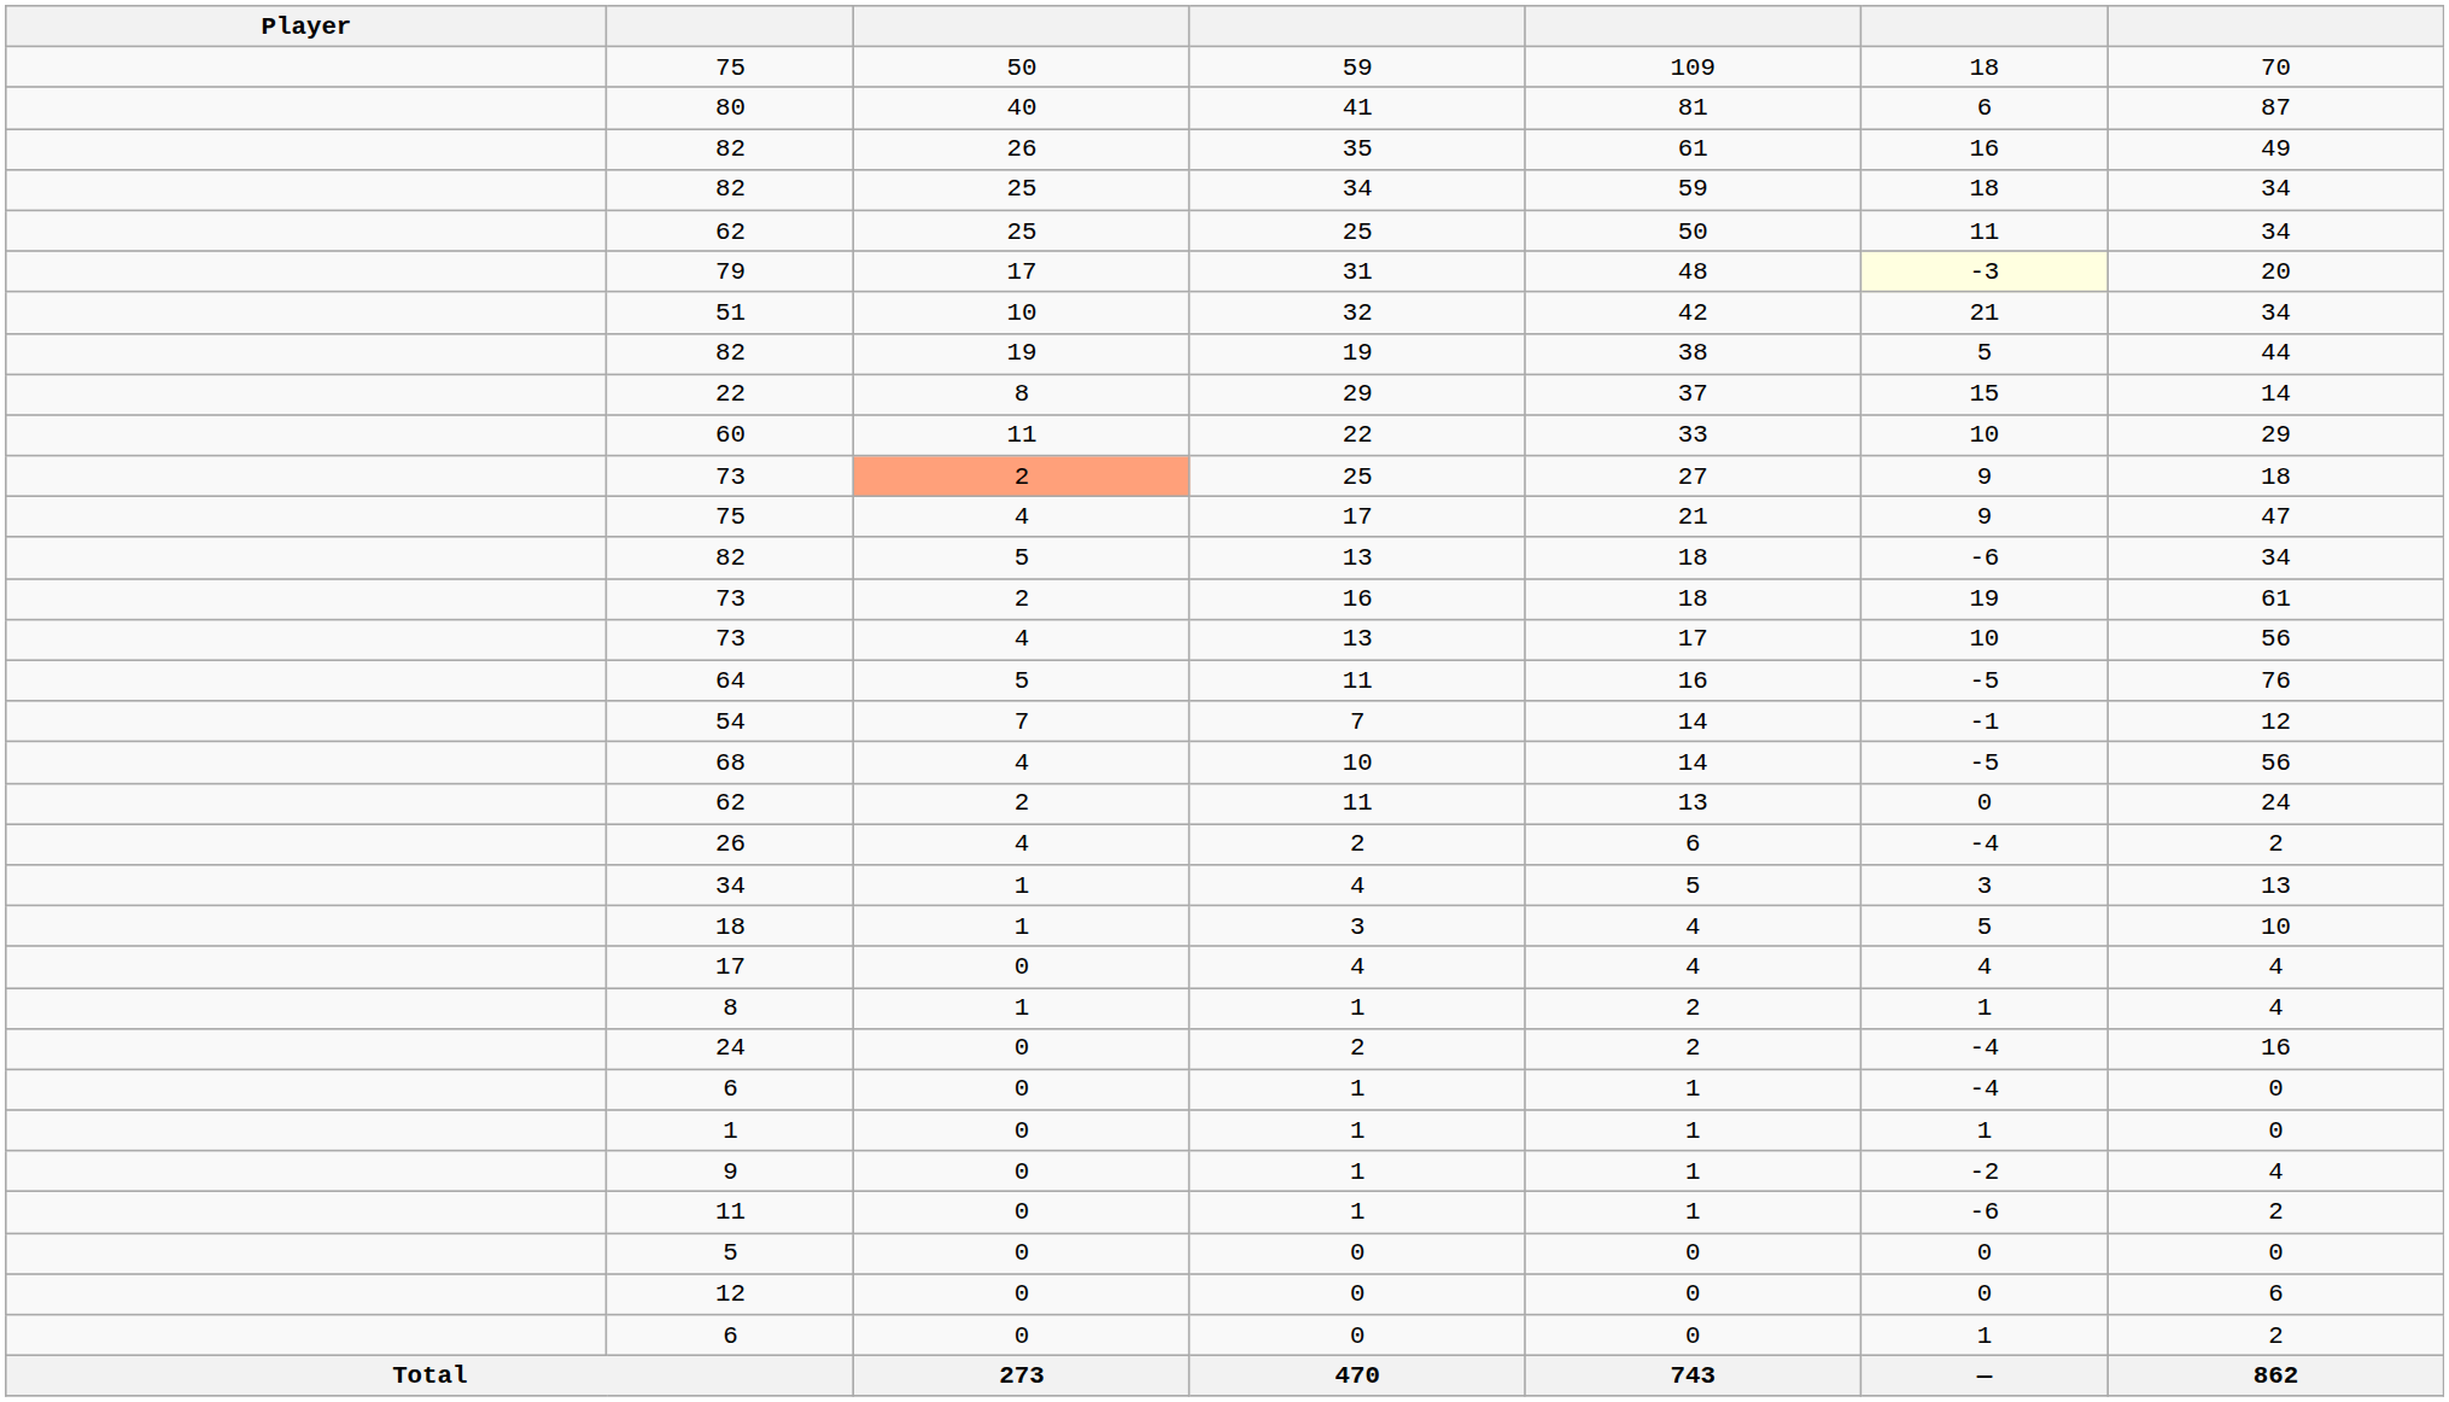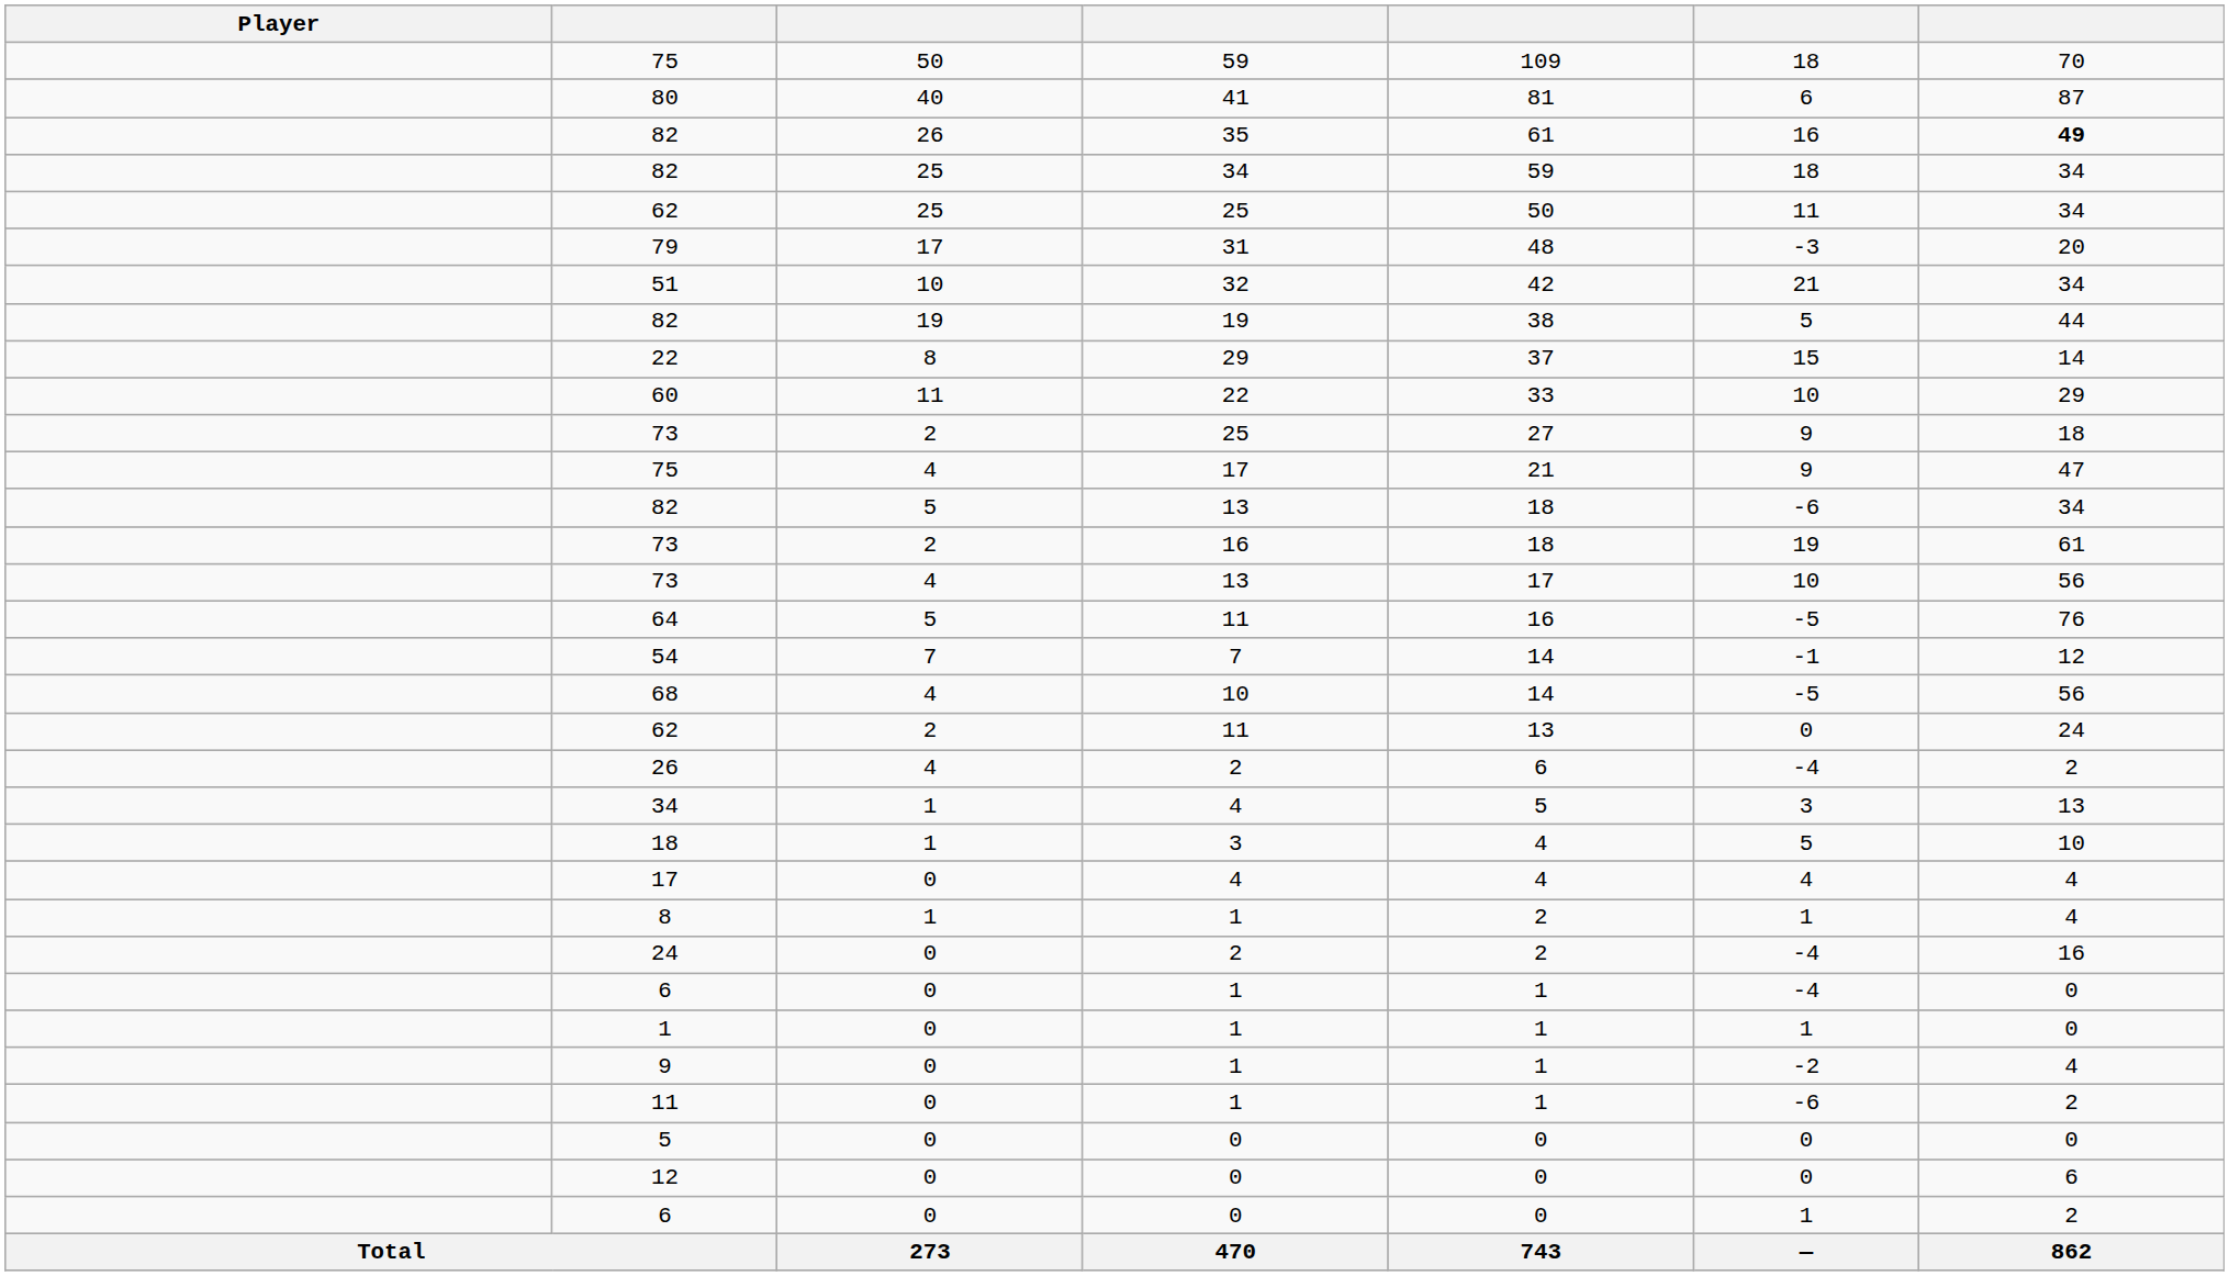 <table class="wikitable sortable" style="width:100%; text-align:center;">
 <tr align=center>
 <th>Player</th>
 <th></th>
 <th></th>
 <th></th>
 <th></th>
 <th data-sort-type="number"></th>
 <th></th>
 </tr>
 <tr>
 <td></td>
 <td>75</td>
 <td>50</td>
 <td>59</td>
 <td>109</td>
 <td>18</td>
 <td>70</td>
 </tr>
 <tr>
 <td></td>
 <td>80</td>
 <td>40</td>
 <td>41</td>
 <td>81</td>
 <td>6</td>
 <td>87</td>
 </tr>
 <tr>
 <td></td>
 <td>82</td>
 <td>26</td>
 <td>35</td>
 <td>61</td>
 <td>16</td>
-<td>49</td>
+<td><strong>49</strong></td>
 </tr>
 <tr>
 <td></td>
 <td>82</td>
 <td>25</td>
 <td>34</td>
 <td>59</td>
 <td>18</td>
 <td>34</td>
 </tr>
 <tr>
 <td></td>
 <td>62</td>
 <td>25</td>
 <td>25</td>
 <td>50</td>
 <td>11</td>
 <td>34</td>
 </tr>
 <tr>
 <td></td>
 <td>79</td>
 <td>17</td>
 <td>31</td>
 <td>48</td>
-<td style="background: lightyellow;">-3</td>
+<td>-3</td>
 <td>20</td>
 </tr>
 <tr>
 <td></td>
 <td>51</td>
 <td>10</td>
 <td>32</td>
 <td>42</td>
 <td>21</td>
 <td>34</td>
 </tr>
 <tr>
 <td></td>
 <td>82</td>
 <td>19</td>
 <td>19</td>
 <td>38</td>
 <td>5</td>
 <td>44</td>
 </tr>
 <tr>
 <td></td>
 <td>22</td>
 <td>8</td>
 <td>29</td>
 <td>37</td>
 <td>15</td>
 <td>14</td>
 </tr>
 <tr>
 <td></td>
 <td>60</td>
 <td>11</td>
 <td>22</td>
 <td>33</td>
 <td>10</td>
 <td>29</td>
 </tr>
 <tr>
 <td></td>
 <td>73</td>
-<td style="background: lightsalmon;">2</td>
+<td>2</td>
 <td>25</td>
 <td>27</td>
 <td>9</td>
 <td>18</td>
 </tr>
 <tr>
 <td></td>
 <td>75</td>
 <td>4</td>
 <td>17</td>
 <td>21</td>
 <td>9</td>
 <td>47</td>
 </tr>
 <tr>
 <td></td>
 <td>82</td>
 <td>5</td>
 <td>13</td>
 <td>18</td>
 <td>-6</td>
 <td>34</td>
 </tr>
 <tr>
 <td></td>
 <td>73</td>
 <td>2</td>
 <td>16</td>
 <td>18</td>
 <td>19</td>
 <td>61</td>
 </tr>
 <tr>
 <td></td>
 <td>73</td>
 <td>4</td>
 <td>13</td>
 <td>17</td>
 <td>10</td>
 <td>56</td>
 </tr>
 <tr>
 <td></td>
 <td>64</td>
 <td>5</td>
 <td>11</td>
 <td>16</td>
 <td>-5</td>
 <td>76</td>
 </tr>
 <tr>
 <td></td>
 <td>54</td>
 <td>7</td>
 <td>7</td>
 <td>14</td>
 <td>-1</td>
 <td>12</td>
 </tr>
 <tr>
 <td></td>
 <td>68</td>
 <td>4</td>
 <td>10</td>
 <td>14</td>
 <td>-5</td>
 <td>56</td>
 </tr>
 <tr>
 <td></td>
 <td>62</td>
 <td>2</td>
 <td>11</td>
 <td>13</td>
 <td>0</td>
 <td>24</td>
 </tr>
 <tr>
 <td></td>
 <td>26</td>
 <td>4</td>
 <td>2</td>
 <td>6</td>
 <td>-4</td>
 <td>2</td>
 </tr>
 <tr>
 <td></td>
 <td>34</td>
 <td>1</td>
 <td>4</td>
 <td>5</td>
 <td>3</td>
 <td>13</td>
 </tr>
 <tr>
 <td></td>
 <td>18</td>
 <td>1</td>
 <td>3</td>
 <td>4</td>
 <td>5</td>
 <td>10</td>
 </tr>
 <tr>
 <td></td>
 <td>17</td>
 <td>0</td>
 <td>4</td>
 <td>4</td>
 <td>4</td>
 <td>4</td>
 </tr>
 <tr>
 <td></td>
 <td>8</td>
 <td>1</td>
 <td>1</td>
 <td>2</td>
 <td>1</td>
 <td>4</td>
 </tr>
 <tr>
 <td></td>
 <td>24</td>
 <td>0</td>
 <td>2</td>
 <td>2</td>
 <td>-4</td>
 <td>16</td>
 </tr>
 <tr>
 <td></td>
 <td>6</td>
 <td>0</td>
 <td>1</td>
 <td>1</td>
 <td>-4</td>
 <td>0</td>
 </tr>
 <tr>
 <td></td>
 <td>1</td>
 <td>0</td>
 <td>1</td>
 <td>1</td>
 <td>1</td>
 <td>0</td>
 </tr>
 <tr>
 <td></td>
 <td>9</td>
 <td>0</td>
 <td>1</td>
 <td>1</td>
 <td>-2</td>
 <td>4</td>
 </tr>
 <tr>
 <td></td>
 <td>11</td>
 <td>0</td>
 <td>1</td>
 <td>1</td>
 <td>-6</td>
 <td>2</td>
 </tr>
 <tr>
 <td></td>
 <td>5</td>
 <td>0</td>
 <td>0</td>
 <td>0</td>
 <td>0</td>
 <td>0</td>
 </tr>
 <tr>
 <td></td>
 <td>12</td>
 <td>0</td>
 <td>0</td>
 <td>0</td>
 <td>0</td>
 <td>6</td>
 </tr>
 <tr>
 <td></td>
 <td>6</td>
 <td>0</td>
 <td>0</td>
 <td>0</td>
 <td>1</td>
 <td>2</td>
 </tr>
 <tr class="sortbottom">
 <th colspan=2>Total</th>
 <th>273</th>
 <th>470</th>
 <th>743</th>
 <th>—</th>
 <th>862</th>
 </tr>
 </table>
